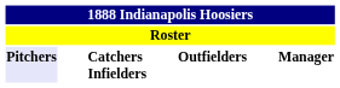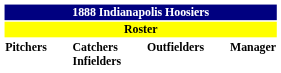 <table class="toccolours" style="font-size: 95%;">
 <tr>
 <th colspan="10" style="background-color: navy; color: white; text-align: center;">1888 Indianapolis Hoosiers</th>
 </tr>
 <tr>
 <td colspan="10" style="background-color: yellow; color: black; text-align: center;"><strong>Roster</strong></td>
 </tr>
 <tr>
-<td valign="top" style="background: lavender;"><strong>Pitchers</strong><br>    </td>
+<td valign="top"><strong>Pitchers</strong><br>    </td>
 <td width="25px"></td>
 <td valign="top"><strong>Catchers</strong><br>   <strong>Infielders</strong>     </td>
 <td width="25px"></td>
 <td valign="top"><strong>Outfielders</strong><br>   </td>
 <td width="25px"></td>
 <td valign="top"><strong>Manager</strong><br></td>
 </tr>
 <tr>
 </tr>
 </table>
